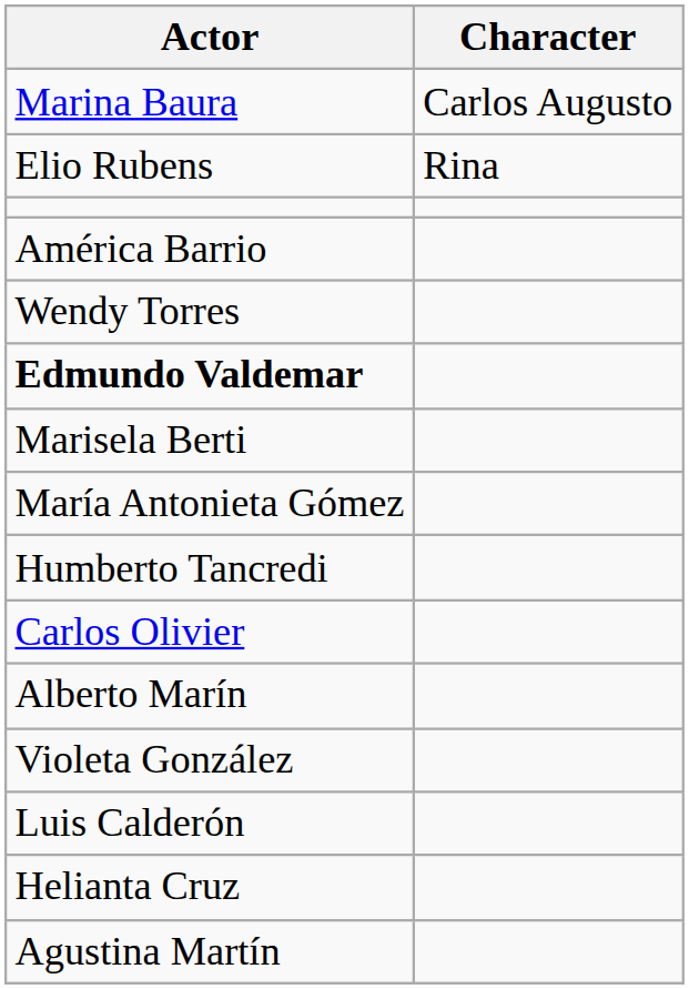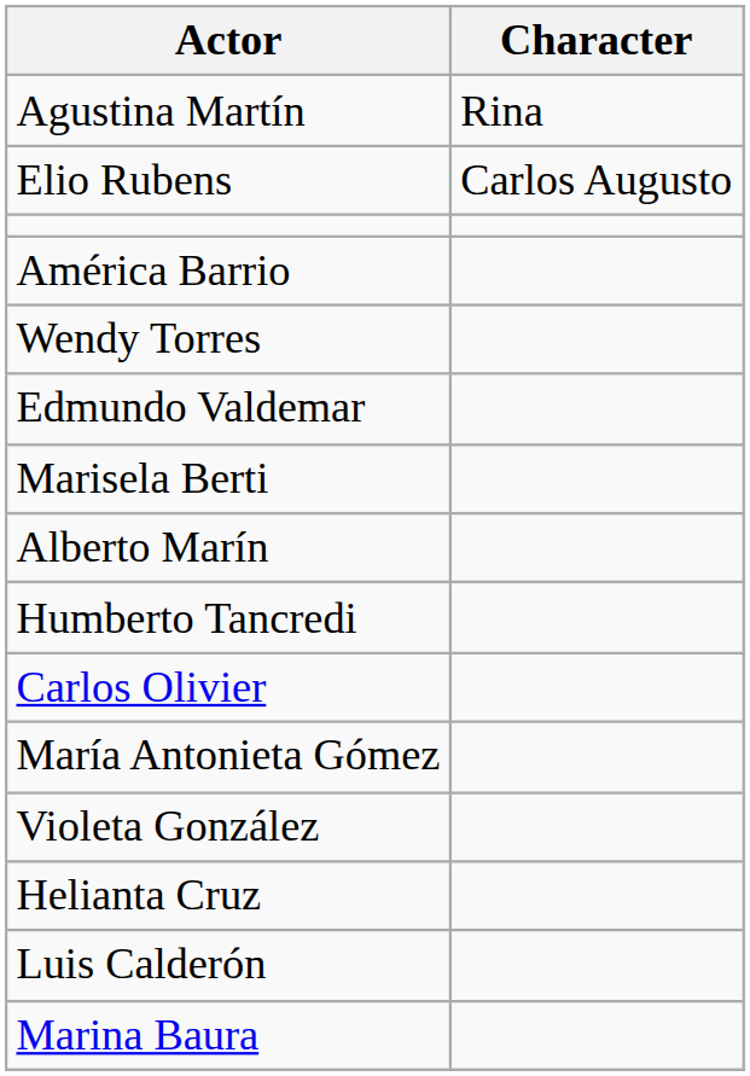 <table class="wikitable sortable">
 <tr>
 <th>Actor</th>
 <th>Character</th>
 </tr>
 <tr>
-<td><a href='#'>Marina Baura</a></td>
-<td>Carlos Augusto</td>
+<td>Agustina Martín</td>
+<td>Rina</td>
 </tr>
 <tr>
 <td>Elio Rubens</td>
-<td>Rina</td>
+<td>Carlos Augusto</td>
 </tr>
 <tr>
 <td></td>
 <td></td>
 </tr>
 <tr>
 <td>América Barrio</td>
 <td></td>
 </tr>
 <tr>
 <td>Wendy Torres</td>
 <td></td>
 </tr>
 <tr>
-<td><strong>Edmundo Valdemar</strong></td>
+<td>Edmundo Valdemar</td>
 <td></td>
 </tr>
 <tr>
 <td>Marisela Berti</td>
 <td></td>
 </tr>
 <tr>
-<td>María Antonieta Gómez</td>
+<td>Alberto Marín</td>
 <td></td>
 </tr>
 <tr>
 <td>Humberto Tancredi</td>
 <td></td>
 </tr>
 <tr>
 <td><a href='#'>Carlos Olivier</a></td>
 <td></td>
 </tr>
 <tr>
-<td>Alberto Marín</td>
+<td>María Antonieta Gómez</td>
 <td></td>
 </tr>
 <tr>
 <td>Violeta González</td>
 <td></td>
 </tr>
 <tr>
+<td>Helianta Cruz</td>
+<td></td>
+</tr>
+<tr>
 <td>Luis Calderón</td>
 <td></td>
 </tr>
 <tr>
-<td>Helianta Cruz</td>
-<td></td>
-</tr>
-<tr>
-<td>Agustina Martín</td>
+<td><a href='#'>Marina Baura</a></td>
 <td></td>
 </tr>
 <tr>
 </tr>
 </table>
